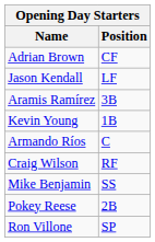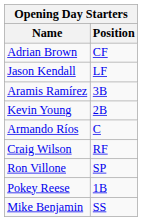 <table class="wikitable" style="text-align:left">
 <tr>
 <th colspan="2">Opening Day Starters</th>
 </tr>
 <tr>
 <th>Name</th>
 <th>Position</th>
 </tr>
 <tr>
 <td><a href='#'>Adrian Brown</a></td>
 <td><a href='#'>CF</a></td>
 </tr>
 <tr>
 <td><a href='#'>Jason Kendall</a></td>
 <td><a href='#'>LF</a></td>
 </tr>
 <tr>
 <td><a href='#'>Aramis Ramírez</a></td>
 <td><a href='#'>3B</a></td>
 </tr>
 <tr>
 <td><a href='#'>Kevin Young</a></td>
-<td><a href='#'>1B</a></td>
+<td><a href='#'>2B</a></td>
 </tr>
 <tr>
 <td><a href='#'>Armando Ríos</a></td>
 <td><a href='#'>C</a></td>
 </tr>
 <tr>
 <td><a href='#'>Craig Wilson</a></td>
 <td><a href='#'>RF</a></td>
 </tr>
 <tr>
+<td><a href='#'>Ron Villone</a></td>
+<td><a href='#'>SP</a></td>
+</tr>
+<tr>
+<td><a href='#'>Pokey Reese</a></td>
+<td><a href='#'>1B</a></td>
+</tr>
+<tr>
 <td><a href='#'>Mike Benjamin</a></td>
 <td><a href='#'>SS</a></td>
 </tr>
-<tr>
-<td><a href='#'>Pokey Reese</a></td>
-<td><a href='#'>2B</a></td>
-</tr>
-<tr>
-<td><a href='#'>Ron Villone</a></td>
-<td><a href='#'>SP</a></td>
-</tr>
 </table>
